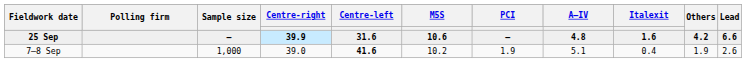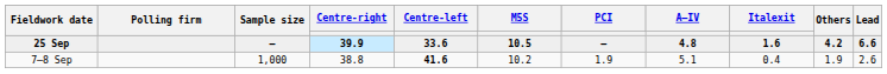 <table class="wikitable mw-collapsible" style="text-align:center;font-size:85%;line-height:13px">
 <tr style="height:30px; background-color:#8B8B8B">
 <th rowspan="2" style="width:100px;">Fieldwork date</th>
 <th rowspan="2" style="width:150px;">Polling firm</th>
 <th rowspan="2" style="width:80px;">Sample size</th>
 <th style="width:90px;"><a href='#'>Centre-right</a></th>
 <th style="width:90px;"><a href='#'>Centre-left</a></th>
 <th style="width:90px;"><a href='#'>M5S</a></th>
 <th style="width:90px;"><a href='#'>PCI</a></th>
 <th style="width:90px;"><a href='#'>A–IV</a></th>
 <th style="width:90px;"><a href='#'>Italexit</a></th>
 <th rowspan="2" style="width:35px;">Others</th>
 <th rowspan="2" style="width:25px;">Lead</th>
 </tr>
 <tr>
 <th style="background:"></th>
 <th style="background:"></th>
 <th style="background:"></th>
 <th style="background:"></th>
 <th style="background:"></th>
 <th style="background:"></th>
 </tr>
 <tr style="background:#EFEFEF; font-weight:bold;">
 <td>25 Sep</td>
 <td></td>
 <td>–</td>
 <td style="background:#C8EBFF;"><strong>39.9</strong></td>
-<td>31.6</td>
-<td>10.6</td>
+<td>33.6</td>
+<td>10.5</td>
 <td>–</td>
 <td>4.8</td>
 <td>1.6</td>
 <td>4.2</td>
 <td style="background:">6.6</td>
 </tr>
 <tr>
 <td>7–8 Sep</td>
 <td></td>
 <td>1,000</td>
-<td>39.0</td>
+<td>38.8</td>
 <td><strong>41.6</strong></td>
 <td>10.2</td>
 <td>1.9</td>
 <td>5.1</td>
 <td>0.4</td>
 <td>1.9</td>
 <td style="background:">2.6</td>
 </tr>
 </table>
